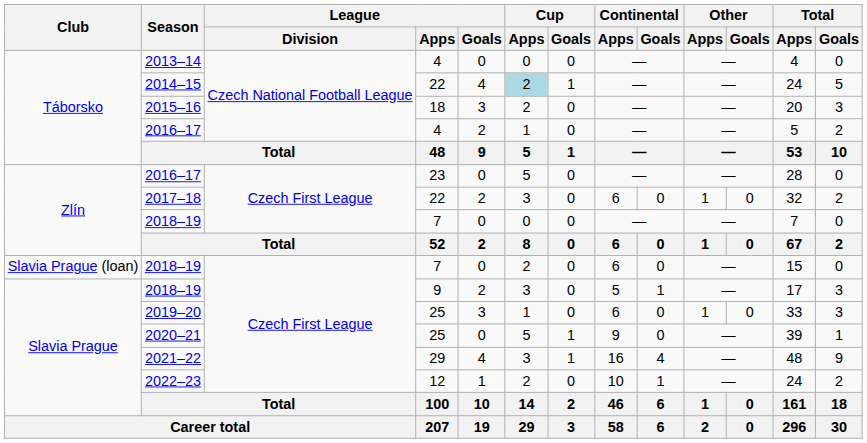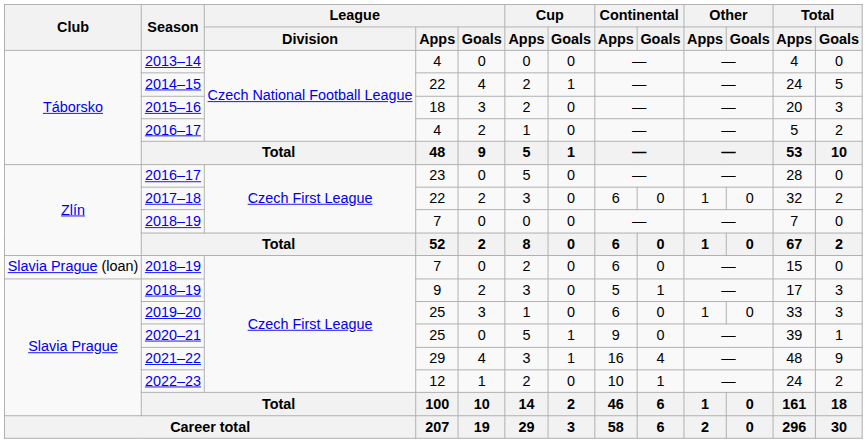 <table class="wikitable" style="text-align:center">
 <tr>
 <th rowspan="2">Club</th>
 <th rowspan="2">Season</th>
 <th colspan="3">League</th>
 <th colspan="2">Cup</th>
 <th colspan="2">Continental</th>
 <th colspan="2">Other</th>
 <th colspan="2">Total</th>
 </tr>
 <tr>
 <th>Division</th>
 <th>Apps</th>
 <th>Goals</th>
 <th>Apps</th>
 <th>Goals</th>
 <th>Apps</th>
 <th>Goals</th>
 <th>Apps</th>
 <th>Goals</th>
 <th>Apps</th>
 <th>Goals</th>
 </tr>
 <tr>
 <td rowspan="5"><a href='#'>Táborsko</a></td>
 <td><a href='#'>2013–14</a></td>
 <td rowspan="4"><a href='#'>Czech National Football League</a></td>
 <td>4</td>
 <td>0</td>
 <td>0</td>
 <td>0</td>
 <td colspan="2">—</td>
 <td colspan="2">—</td>
 <td>4</td>
 <td>0</td>
 </tr>
 <tr>
 <td><a href='#'>2014–15</a></td>
 <td>22</td>
 <td>4</td>
-<td style="background: lightblue;">2</td>
+<td>2</td>
 <td>1</td>
 <td colspan="2">—</td>
 <td colspan="2">—</td>
 <td>24</td>
 <td>5</td>
 </tr>
 <tr>
 <td><a href='#'>2015–16</a></td>
 <td>18</td>
 <td>3</td>
 <td>2</td>
 <td>0</td>
 <td colspan="2">—</td>
 <td colspan="2">—</td>
 <td>20</td>
 <td>3</td>
 </tr>
 <tr>
 <td><a href='#'>2016–17</a></td>
 <td>4</td>
 <td>2</td>
 <td>1</td>
 <td>0</td>
 <td colspan="2">—</td>
 <td colspan="2">—</td>
 <td>5</td>
 <td>2</td>
 </tr>
 <tr>
 <th colspan="2">Total</th>
 <th>48</th>
 <th>9</th>
 <th>5</th>
 <th>1</th>
 <th colspan="2">—</th>
 <th colspan="2">—</th>
 <th>53</th>
 <th>10</th>
 </tr>
 <tr>
 <td rowspan="4"><a href='#'>Zlín</a></td>
 <td><a href='#'>2016–17</a></td>
 <td rowspan="3"><a href='#'>Czech First League</a></td>
 <td>23</td>
 <td>0</td>
 <td>5</td>
 <td>0</td>
 <td colspan="2">—</td>
 <td colspan="2">—</td>
 <td>28</td>
 <td>0</td>
 </tr>
 <tr>
 <td><a href='#'>2017–18</a></td>
 <td>22</td>
 <td>2</td>
 <td>3</td>
 <td>0</td>
 <td>6</td>
 <td>0</td>
 <td>1</td>
 <td>0</td>
 <td>32</td>
 <td>2</td>
 </tr>
 <tr>
 <td><a href='#'>2018–19</a></td>
 <td>7</td>
 <td>0</td>
 <td>0</td>
 <td>0</td>
 <td colspan="2">—</td>
 <td colspan="2">—</td>
 <td>7</td>
 <td>0</td>
 </tr>
 <tr>
 <th colspan="2">Total</th>
 <th>52</th>
 <th>2</th>
 <th>8</th>
 <th>0</th>
 <th>6</th>
 <th>0</th>
 <th>1</th>
 <th>0</th>
 <th>67</th>
 <th>2</th>
 </tr>
 <tr>
 <td><a href='#'>Slavia Prague</a> (loan)</td>
 <td><a href='#'>2018–19</a></td>
 <td rowspan="6"><a href='#'>Czech First League</a></td>
 <td>7</td>
 <td>0</td>
 <td>2</td>
 <td>0</td>
 <td>6</td>
 <td>0</td>
 <td colspan="2">—</td>
 <td>15</td>
 <td>0</td>
 </tr>
 <tr>
 <td rowspan="6"><a href='#'>Slavia Prague</a></td>
 <td><a href='#'>2018–19</a></td>
 <td>9</td>
 <td>2</td>
 <td>3</td>
 <td>0</td>
 <td>5</td>
 <td>1</td>
 <td colspan="2">—</td>
 <td>17</td>
 <td>3</td>
 </tr>
 <tr>
 <td><a href='#'>2019–20</a></td>
 <td>25</td>
 <td>3</td>
 <td>1</td>
 <td>0</td>
 <td>6</td>
 <td>0</td>
 <td>1</td>
 <td>0</td>
 <td>33</td>
 <td>3</td>
 </tr>
 <tr>
 <td><a href='#'>2020–21</a></td>
 <td>25</td>
 <td>0</td>
 <td>5</td>
 <td>1</td>
 <td>9</td>
 <td>0</td>
 <td colspan="2">—</td>
 <td>39</td>
 <td>1</td>
 </tr>
 <tr>
 <td><a href='#'>2021–22</a></td>
 <td>29</td>
 <td>4</td>
 <td>3</td>
 <td>1</td>
 <td>16</td>
 <td>4</td>
 <td colspan="2">—</td>
 <td>48</td>
 <td>9</td>
 </tr>
 <tr>
 <td><a href='#'>2022–23</a></td>
 <td>12</td>
 <td>1</td>
 <td>2</td>
 <td>0</td>
 <td>10</td>
 <td>1</td>
 <td colspan="2">—</td>
 <td>24</td>
 <td>2</td>
 </tr>
 <tr>
 <th colspan="2">Total</th>
 <th>100</th>
 <th>10</th>
 <th>14</th>
 <th>2</th>
 <th>46</th>
 <th>6</th>
 <th>1</th>
 <th>0</th>
 <th>161</th>
 <th>18</th>
 </tr>
 <tr>
 <th colspan="3">Career total</th>
 <th>207</th>
 <th>19</th>
 <th>29</th>
 <th>3</th>
 <th>58</th>
 <th>6</th>
 <th>2</th>
 <th>0</th>
 <th>296</th>
 <th>30</th>
 </tr>
 </table>
